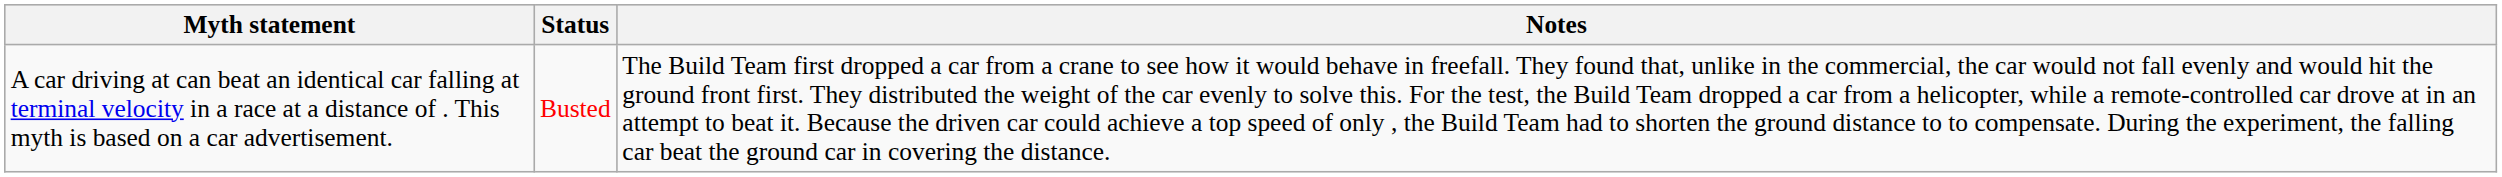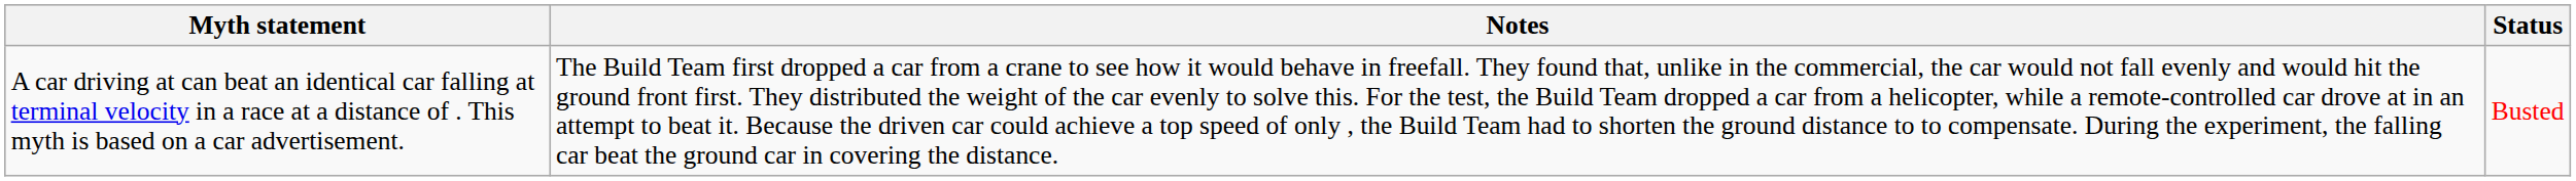 <table class="wikitable plainrowheaders">
 <tr>
 <th>Myth statement</th>
+<th>Notes</th>
 <th>Status</th>
-<th>Notes</th>
 </tr>
 <tr>
 <td>A car driving at  can beat an identical car falling at <a href='#'>terminal velocity</a> in a race at a distance of . This myth is based on a car advertisement.</td>
+<td>The Build Team first dropped a car from a crane to see how it would behave in freefall. They found that, unlike in the commercial, the car would not fall evenly and would hit the ground front first. They distributed the weight of the car evenly to solve this. For the test, the Build Team dropped a car from a helicopter, while a remote-controlled car drove at  in an attempt to beat it. Because the driven car could achieve a top speed of only , the Build Team had to shorten the ground distance to  to compensate. During the experiment, the falling car beat the ground car in covering the distance.</td>
 <td style="color:red">Busted</td>
-<td>The Build Team first dropped a car from a crane to see how it would behave in freefall. They found that, unlike in the commercial, the car would not fall evenly and would hit the ground front first. They distributed the weight of the car evenly to solve this. For the test, the Build Team dropped a car from a helicopter, while a remote-controlled car drove at  in an attempt to beat it. Because the driven car could achieve a top speed of only , the Build Team had to shorten the ground distance to  to compensate. During the experiment, the falling car beat the ground car in covering the distance.</td>
 </tr>
 </table>
